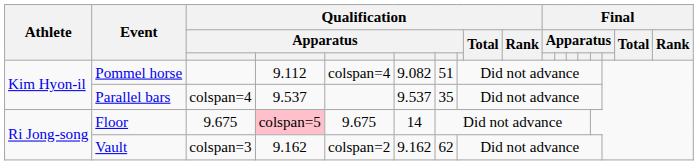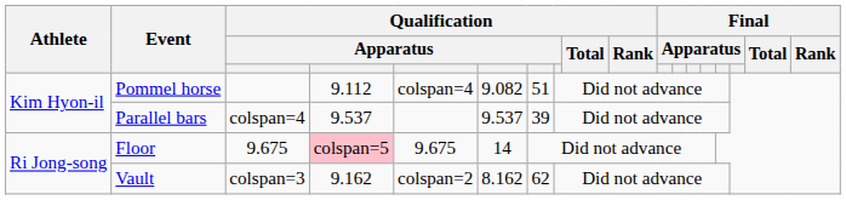 <table class="wikitable" style="font-size:90%">
 <tr>
 <th rowspan=3>Athlete</th>
 <th rowspan=3>Event</th>
 <th colspan =8>Qualification</th>
 <th colspan =8>Final</th>
 </tr>
 <tr style="font-size:95%">
 <th colspan=6>Apparatus</th>
 <th rowspan=2>Total</th>
 <th rowspan=2>Rank</th>
 <th colspan=6>Apparatus</th>
 <th rowspan=2>Total</th>
 <th rowspan=2>Rank</th>
 </tr>
 <tr style="font-size:95%">
 <th></th>
 <th></th>
 <th></th>
 <th></th>
 <th></th>
 <th></th>
 <th></th>
 <th></th>
 <th></th>
 <th></th>
 <th></th>
 <th></th>
 </tr>
 <tr align=center>
 <td align=left rowspan=2><a href='#'>Kim Hyon-il</a></td>
 <td align=left><a href='#'>Pommel horse</a></td>
 <td></td>
 <td>9.112</td>
 <td>colspan=4 </td>
 <td>9.082</td>
 <td>51</td>
 <td colspan=8>Did not advance</td>
 </tr>
 <tr align=center>
 <td align=left><a href='#'>Parallel bars</a></td>
 <td>colspan=4 </td>
 <td>9.537</td>
 <td></td>
 <td>9.537</td>
-<td>35</td>
+<td>39</td>
 <td colspan=8>Did not advance</td>
 </tr>
 <tr align=center>
 <td align=left rowspan=2><a href='#'>Ri Jong-song</a></td>
 <td align=left><a href='#'>Floor</a></td>
 <td>9.675</td>
 <td style="background: pink;">colspan=5 </td>
 <td>9.675</td>
 <td>14</td>
 <td colspan=8>Did not advance</td>
 </tr>
 <tr align=center>
 <td align=left><a href='#'>Vault</a></td>
 <td>colspan=3 </td>
 <td>9.162</td>
 <td>colspan=2 </td>
-<td>9.162</td>
+<td>8.162</td>
 <td>62</td>
 <td colspan=8>Did not advance</td>
 </tr>
 </table>
